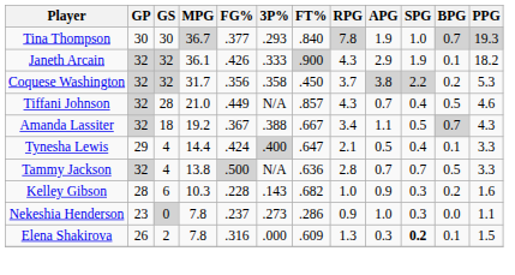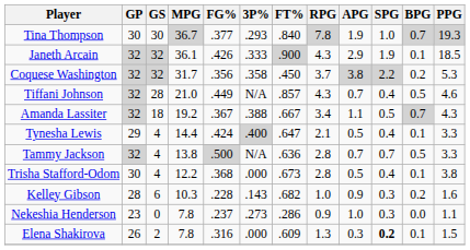 <table class="wikitable sortable" style="text-align:center;">
 <tr>
 <th>Player</th>
 <th>GP</th>
 <th>GS</th>
 <th>MPG</th>
 <th>FG%</th>
 <th>3P%</th>
 <th>FT%</th>
 <th>RPG</th>
 <th>APG</th>
 <th>SPG</th>
 <th>BPG</th>
 <th>PPG</th>
 </tr>
 <tr>
 <td><a href='#'>Tina Thompson</a></td>
 <td>30</td>
 <td>30</td>
 <td style="background:#D3D3D3;">36.7</td>
 <td>.377</td>
 <td>.293</td>
 <td>.840</td>
 <td style="background:#D3D3D3;">7.8</td>
 <td>1.9</td>
 <td>1.0</td>
 <td style="background:#D3D3D3;">0.7</td>
 <td style="background:#D3D3D3;">19.3</td>
 </tr>
 <tr>
 <td><a href='#'>Janeth Arcain</a></td>
 <td style="background:#D3D3D3;">32</td>
 <td style="background:#D3D3D3;">32</td>
 <td>36.1</td>
 <td>.426</td>
 <td>.333</td>
 <td style="background:#D3D3D3;">.900</td>
 <td>4.3</td>
 <td>2.9</td>
 <td>1.9</td>
 <td>0.1</td>
-<td>18.2</td>
+<td>18.5</td>
 </tr>
 <tr>
 <td><a href='#'>Coquese Washington</a></td>
 <td style="background:#D3D3D3;">32</td>
 <td style="background:#D3D3D3;">32</td>
 <td>31.7</td>
 <td>.356</td>
 <td>.358</td>
 <td>.450</td>
 <td>3.7</td>
 <td style="background:#D3D3D3;">3.8</td>
 <td style="background:#D3D3D3;">2.2</td>
 <td>0.2</td>
 <td>5.3</td>
 </tr>
 <tr>
 <td><a href='#'>Tiffani Johnson</a></td>
 <td style="background:#D3D3D3;">32</td>
 <td>28</td>
 <td>21.0</td>
 <td>.449</td>
 <td>N/A</td>
 <td>.857</td>
 <td>4.3</td>
 <td>0.7</td>
 <td>0.4</td>
 <td>0.5</td>
 <td>4.6</td>
 </tr>
 <tr>
 <td><a href='#'>Amanda Lassiter</a></td>
 <td style="background:#D3D3D3;">32</td>
 <td>18</td>
 <td>19.2</td>
 <td>.367</td>
 <td>.388</td>
 <td>.667</td>
 <td>3.4</td>
 <td>1.1</td>
 <td>0.5</td>
 <td style="background:#D3D3D3;">0.7</td>
 <td>4.3</td>
 </tr>
 <tr>
 <td><a href='#'>Tynesha Lewis</a></td>
 <td>29</td>
 <td>4</td>
 <td>14.4</td>
 <td>.424</td>
 <td style="background:#D3D3D3;">.400</td>
 <td>.647</td>
 <td>2.1</td>
 <td>0.5</td>
 <td>0.4</td>
 <td>0.1</td>
 <td>3.3</td>
 </tr>
 <tr>
 <td><a href='#'>Tammy Jackson</a></td>
 <td style="background:#D3D3D3;">32</td>
 <td>4</td>
 <td>13.8</td>
 <td style="background:#D3D3D3;">.500</td>
 <td>N/A</td>
 <td>.636</td>
 <td>2.8</td>
 <td>0.7</td>
 <td>0.7</td>
 <td>0.5</td>
 <td>3.3</td>
 </tr>
 <tr>
+<td><a href='#'>Trisha Stafford-Odom</a></td>
+<td>30</td>
+<td>4</td>
+<td>12.2</td>
+<td>.368</td>
+<td>.000</td>
+<td>.673</td>
+<td>2.8</td>
+<td>0.5</td>
+<td>0.4</td>
+<td>0.1</td>
+<td>3.8</td>
+</tr>
+<tr>
 <td><a href='#'>Kelley Gibson</a></td>
 <td>28</td>
 <td>6</td>
 <td>10.3</td>
 <td>.228</td>
 <td>.143</td>
 <td>.682</td>
 <td>1.0</td>
 <td>0.9</td>
 <td>0.3</td>
 <td>0.2</td>
 <td>1.6</td>
 </tr>
 <tr>
 <td><a href='#'>Nekeshia Henderson</a></td>
 <td>23</td>
-<td style="background: lightgrey;">0</td>
+<td>0</td>
 <td>7.8</td>
 <td>.237</td>
 <td>.273</td>
 <td>.286</td>
 <td>0.9</td>
 <td>1.0</td>
 <td>0.3</td>
 <td>0.0</td>
 <td>1.1</td>
 </tr>
 <tr>
 <td><a href='#'>Elena Shakirova</a></td>
 <td>26</td>
 <td>2</td>
 <td>7.8</td>
 <td>.316</td>
 <td>.000</td>
 <td>.609</td>
 <td>1.3</td>
 <td>0.3</td>
 <td><strong>0.2</strong></td>
 <td>0.1</td>
 <td>1.5</td>
 </tr>
 <tr>
 </tr>
 </table>
